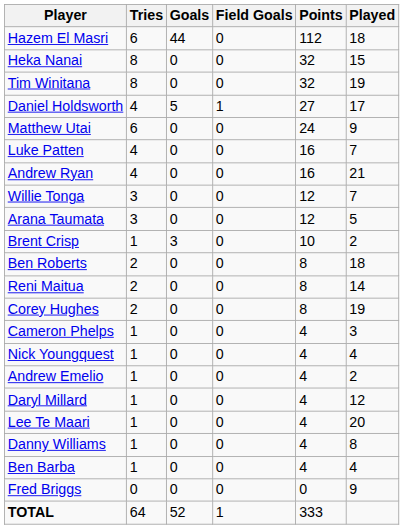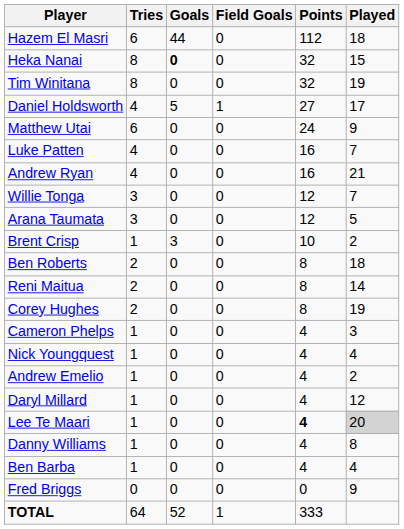 <table class="wikitable" style="text-align:left;">
 <tr>
 <th>Player</th>
 <th>Tries</th>
 <th>Goals</th>
 <th>Field Goals</th>
 <th>Points</th>
 <th>Played</th>
 </tr>
 <tr>
 <td><a href='#'>Hazem El Masri</a></td>
 <td>6</td>
 <td>44</td>
 <td>0</td>
 <td>112</td>
 <td>18</td>
 </tr>
 <tr>
 <td><a href='#'>Heka Nanai</a></td>
 <td>8</td>
-<td>0</td>
+<td><strong>0</strong></td>
 <td>0</td>
 <td>32</td>
 <td>15</td>
 </tr>
 <tr>
 <td><a href='#'>Tim Winitana</a></td>
 <td>8</td>
 <td>0</td>
 <td>0</td>
 <td>32</td>
 <td>19</td>
 </tr>
 <tr>
 <td><a href='#'>Daniel Holdsworth</a></td>
 <td>4</td>
 <td>5</td>
 <td>1</td>
 <td>27</td>
 <td>17</td>
 </tr>
 <tr>
 <td><a href='#'>Matthew Utai</a></td>
 <td>6</td>
 <td>0</td>
 <td>0</td>
 <td>24</td>
 <td>9</td>
 </tr>
 <tr>
 <td><a href='#'>Luke Patten</a></td>
 <td>4</td>
 <td>0</td>
 <td>0</td>
 <td>16</td>
 <td>7</td>
 </tr>
 <tr>
 <td><a href='#'>Andrew Ryan</a></td>
 <td>4</td>
 <td>0</td>
 <td>0</td>
 <td>16</td>
 <td>21</td>
 </tr>
 <tr>
 <td><a href='#'>Willie Tonga</a></td>
 <td>3</td>
 <td>0</td>
 <td>0</td>
 <td>12</td>
 <td>7</td>
 </tr>
 <tr>
 <td><a href='#'>Arana Taumata</a></td>
 <td>3</td>
 <td>0</td>
 <td>0</td>
 <td>12</td>
 <td>5</td>
 </tr>
 <tr>
 <td><a href='#'>Brent Crisp</a></td>
 <td>1</td>
 <td>3</td>
 <td>0</td>
 <td>10</td>
 <td>2</td>
 </tr>
 <tr>
 <td><a href='#'>Ben Roberts</a></td>
 <td>2</td>
 <td>0</td>
 <td>0</td>
 <td>8</td>
 <td>18</td>
 </tr>
 <tr>
 <td><a href='#'>Reni Maitua</a></td>
 <td>2</td>
 <td>0</td>
 <td>0</td>
 <td>8</td>
 <td>14</td>
 </tr>
 <tr>
 <td><a href='#'>Corey Hughes</a></td>
 <td>2</td>
 <td>0</td>
 <td>0</td>
 <td>8</td>
 <td>19</td>
 </tr>
 <tr>
 <td><a href='#'>Cameron Phelps</a></td>
 <td>1</td>
 <td>0</td>
 <td>0</td>
 <td>4</td>
 <td>3</td>
 </tr>
 <tr>
 <td><a href='#'>Nick Youngquest</a></td>
 <td>1</td>
 <td>0</td>
 <td>0</td>
 <td>4</td>
 <td>4</td>
 </tr>
 <tr>
 <td><a href='#'>Andrew Emelio</a></td>
 <td>1</td>
 <td>0</td>
 <td>0</td>
 <td>4</td>
 <td>2</td>
 </tr>
 <tr>
 <td><a href='#'>Daryl Millard</a></td>
 <td>1</td>
 <td>0</td>
 <td>0</td>
 <td>4</td>
 <td>12</td>
 </tr>
 <tr>
 <td><a href='#'>Lee Te Maari</a></td>
 <td>1</td>
 <td>0</td>
 <td>0</td>
-<td>4</td>
-<td>20</td>
+<td><strong>4</strong></td>
+<td style="background: lightgrey;">20</td>
 </tr>
 <tr>
 <td><a href='#'>Danny Williams</a></td>
 <td>1</td>
 <td>0</td>
 <td>0</td>
 <td>4</td>
 <td>8</td>
 </tr>
 <tr>
 <td><a href='#'>Ben Barba</a></td>
 <td>1</td>
 <td>0</td>
 <td>0</td>
 <td>4</td>
 <td>4</td>
 </tr>
 <tr>
 <td><a href='#'>Fred Briggs</a></td>
 <td>0</td>
 <td>0</td>
 <td>0</td>
 <td>0</td>
 <td>9</td>
 </tr>
 <tr>
 <td><strong>TOTAL</strong></td>
 <td>64</td>
 <td>52</td>
 <td>1</td>
 <td>333</td>
 </tr>
 </table>
